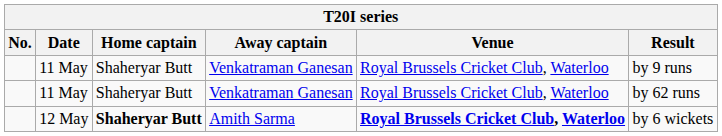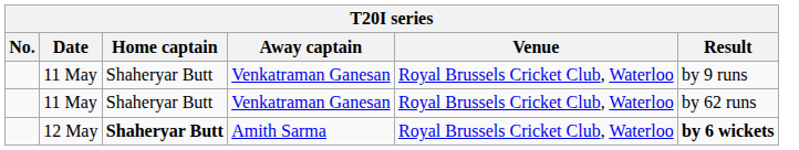 <table class="wikitable">
 <tr>
 <th colspan="8">T20I series</th>
 </tr>
 <tr>
 <th>No.</th>
 <th>Date</th>
 <th>Home captain</th>
 <th>Away captain</th>
 <th>Venue</th>
 <th>Result</th>
 </tr>
 <tr>
 <td></td>
 <td>11 May</td>
 <td>Shaheryar Butt</td>
 <td><a href='#'>Venkatraman Ganesan</a></td>
 <td><a href='#'>Royal Brussels Cricket Club</a>, <a href='#'>Waterloo</a></td>
 <td> by 9 runs</td>
 </tr>
 <tr>
 <td></td>
 <td>11 May</td>
 <td>Shaheryar Butt</td>
 <td><a href='#'>Venkatraman Ganesan</a></td>
 <td><a href='#'>Royal Brussels Cricket Club</a>, <a href='#'>Waterloo</a></td>
 <td> by 62 runs</td>
 </tr>
 <tr>
 <td></td>
 <td>12 May</td>
 <td><strong>Shaheryar Butt</strong></td>
 <td><a href='#'>Amith Sarma</a></td>
-<td><strong><a href='#'>Royal Brussels Cricket Club</a>, <a href='#'>Waterloo</a></strong></td>
-<td> by 6 wickets</td>
+<td><a href='#'>Royal Brussels Cricket Club</a>, <a href='#'>Waterloo</a></td>
+<td><strong> by 6 wickets</strong></td>
 </tr>
 </table>
